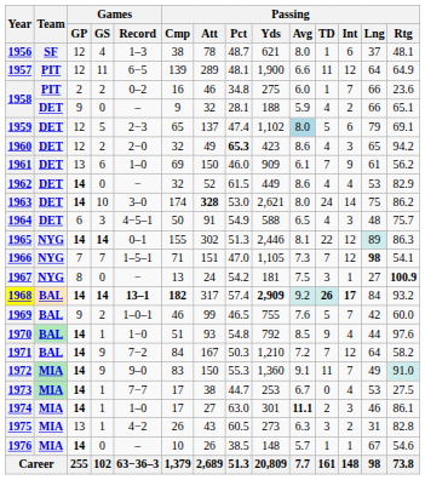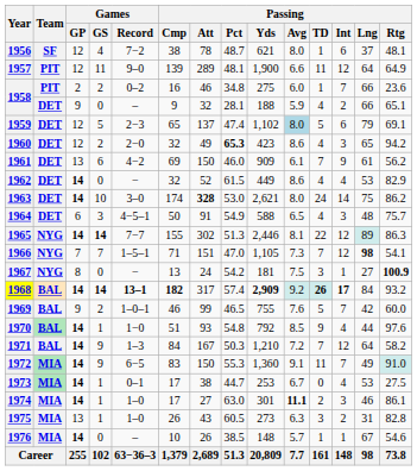 <table class="wikitable" style="text-align:center">
 <tr>
 <th rowspan="2">Year</th>
 <th rowspan="2">Team</th>
 <th colspan="3">Games</th>
 <th colspan="9">Passing</th>
 </tr>
 <tr>
 <th>GP</th>
 <th>GS</th>
 <th>Record</th>
 <th>Cmp</th>
 <th>Att</th>
 <th>Pct</th>
 <th>Yds</th>
 <th>Avg</th>
 <th>TD</th>
 <th>Int</th>
 <th>Lng</th>
 <th>Rtg</th>
 </tr>
 <tr>
 <th><a href='#'>1956</a></th>
 <th><a href='#'>SF</a></th>
 <td>12</td>
 <td>4</td>
-<td>1–3</td>
+<td>7−2</td>
 <td>38</td>
 <td>78</td>
 <td>48.7</td>
 <td>621</td>
 <td>8.0</td>
 <td>1</td>
 <td>6</td>
 <td>37</td>
 <td>48.1</td>
 </tr>
 <tr>
 <th><a href='#'>1957</a></th>
 <th><a href='#'>PIT</a></th>
 <td>12</td>
 <td>11</td>
-<td>6−5</td>
+<td>9–0</td>
 <td>139</td>
 <td>289</td>
 <td>48.1</td>
 <td>1,900</td>
 <td>6.6</td>
 <td>11</td>
 <td>12</td>
 <td>64</td>
 <td>64.9</td>
 </tr>
 <tr>
 <th rowspan="2"><a href='#'>1958</a></th>
 <th><a href='#'>PIT</a></th>
 <td>2</td>
 <td>2</td>
 <td>0–2</td>
 <td>16</td>
 <td>46</td>
 <td>34.8</td>
 <td>275</td>
 <td>6.0</td>
 <td>1</td>
 <td>7</td>
 <td>66</td>
 <td>23.6</td>
 </tr>
 <tr>
 <th><a href='#'>DET</a></th>
 <td>9</td>
 <td>0</td>
 <td>–</td>
 <td>9</td>
 <td>32</td>
 <td>28.1</td>
 <td>188</td>
 <td>5.9</td>
 <td>4</td>
 <td>2</td>
 <td>66</td>
 <td>65.1</td>
 </tr>
 <tr>
 <th><a href='#'>1959</a></th>
 <th><a href='#'>DET</a></th>
 <td>12</td>
 <td>5</td>
 <td>2−3</td>
 <td>65</td>
 <td>137</td>
 <td>47.4</td>
 <td>1,102</td>
 <td style="background: lightblue;">8.0</td>
 <td>5</td>
 <td>6</td>
 <td>79</td>
 <td>69.1</td>
 </tr>
 <tr>
 <th><a href='#'>1960</a></th>
 <th><a href='#'>DET</a></th>
 <td>12</td>
 <td>2</td>
 <td>2−0</td>
 <td>32</td>
 <td>49</td>
 <td><strong>65.3</strong></td>
 <td>423</td>
 <td>8.6</td>
 <td>4</td>
 <td>3</td>
 <td>65</td>
 <td>94.2</td>
 </tr>
 <tr>
 <th><a href='#'>1961</a></th>
 <th><a href='#'>DET</a></th>
 <td>13</td>
 <td>6</td>
-<td>1–0</td>
+<td>4−2</td>
 <td>69</td>
 <td>150</td>
 <td>46.0</td>
 <td>909</td>
 <td>6.1</td>
 <td>7</td>
 <td>9</td>
 <td>61</td>
 <td>56.2</td>
 </tr>
 <tr>
 <th><a href='#'>1962</a></th>
 <th><a href='#'>DET</a></th>
 <td><strong>14</strong></td>
 <td>0</td>
 <td>−</td>
 <td>32</td>
 <td>52</td>
 <td>61.5</td>
 <td>449</td>
 <td>8.6</td>
 <td>4</td>
 <td>4</td>
 <td>53</td>
 <td>82.9</td>
 </tr>
 <tr>
 <th><a href='#'>1963</a></th>
 <th><a href='#'>DET</a></th>
 <td><strong>14</strong></td>
 <td>10</td>
 <td>3–0</td>
 <td>174</td>
 <td><strong>328</strong></td>
 <td>53.0</td>
 <td>2,621</td>
 <td>8.0</td>
 <td>24</td>
 <td>14</td>
 <td>75</td>
 <td>86.2</td>
 </tr>
 <tr>
 <th><a href='#'>1964</a></th>
 <th><a href='#'>DET</a></th>
 <td>6</td>
 <td>3</td>
 <td>4−5–1</td>
 <td>50</td>
 <td>91</td>
 <td>54.9</td>
 <td>588</td>
 <td>6.5</td>
 <td>4</td>
 <td>3</td>
 <td>48</td>
 <td>75.7</td>
 </tr>
 <tr>
 <th><a href='#'>1965</a></th>
 <th><a href='#'>NYG</a></th>
 <td><strong>14</strong></td>
 <td><strong>14</strong></td>
-<td>0–1</td>
+<td>7−7</td>
 <td>155</td>
 <td>302</td>
 <td>51.3</td>
 <td>2,446</td>
 <td>8.1</td>
 <td>22</td>
 <td>12</td>
 <td style="background:#cfecec;">89</td>
 <td>86.3</td>
 </tr>
 <tr>
 <th><a href='#'>1966</a></th>
 <th><a href='#'>NYG</a></th>
 <td>7</td>
 <td>7</td>
 <td>1–5–1</td>
 <td>71</td>
 <td>151</td>
 <td>47.0</td>
 <td>1,105</td>
 <td>7.3</td>
 <td>7</td>
 <td>12</td>
 <td><strong>98</strong></td>
 <td>54.1</td>
 </tr>
 <tr>
 <th><a href='#'>1967</a></th>
 <th><a href='#'>NYG</a></th>
 <td>8</td>
 <td>0</td>
 <td>−</td>
 <td>13</td>
 <td>24</td>
 <td>54.2</td>
 <td>181</td>
 <td>7.5</td>
 <td>3</td>
 <td>1</td>
 <td>27</td>
 <td><strong>100.9</strong></td>
 </tr>
 <tr>
 <th style="background:#ff0;"><a href='#'>1968</a></th>
 <th style="background:#ffe6bd;"><a href='#'>BAL</a></th>
 <td><strong>14</strong></td>
 <td><strong>14</strong></td>
 <td><strong>13–1</strong></td>
 <td><strong>182</strong></td>
 <td>317</td>
 <td>57.4</td>
 <td><strong>2,909</strong></td>
 <td style="background:#cfecec;">9.2</td>
 <td style="background:#cfecec;"><strong>26</strong></td>
 <td><strong>17</strong></td>
 <td>84</td>
 <td>93.2</td>
 </tr>
 <tr>
 <th><a href='#'>1969</a></th>
 <th><a href='#'>BAL</a></th>
 <td>9</td>
 <td>2</td>
 <td>1–0–1</td>
 <td>46</td>
 <td>99</td>
 <td>46.5</td>
 <td>755</td>
 <td>7.6</td>
 <td>5</td>
 <td>7</td>
 <td>42</td>
 <td>60.0</td>
 </tr>
 <tr>
 <th><a href='#'>1970</a></th>
 <th style="background:#afe6ba;"><a href='#'>BAL</a></th>
 <td><strong>14</strong></td>
 <td>1</td>
 <td>1−0</td>
 <td>51</td>
 <td>93</td>
 <td>54.8</td>
 <td>792</td>
 <td>8.5</td>
 <td>9</td>
 <td>4</td>
 <td>44</td>
 <td>97.6</td>
 </tr>
 <tr>
 <th><a href='#'>1971</a></th>
 <th><a href='#'>BAL</a></th>
 <td><strong>14</strong></td>
 <td>9</td>
-<td>7−2</td>
+<td>1–3</td>
 <td>84</td>
 <td>167</td>
 <td>50.3</td>
 <td>1,210</td>
 <td>7.2</td>
 <td>7</td>
 <td>12</td>
 <td>64</td>
 <td>58.2</td>
 </tr>
 <tr>
 <th><a href='#'>1972</a></th>
 <th style="background:#afe6ba;"><a href='#'>MIA</a></th>
 <td><strong>14</strong></td>
 <td>9</td>
-<td>9–0</td>
+<td>6−5</td>
 <td>83</td>
 <td>150</td>
 <td>55.3</td>
 <td>1,360</td>
 <td>9.1</td>
 <td>11</td>
 <td>7</td>
 <td>49</td>
 <td style="background:#cfecec;">91.0</td>
 </tr>
 <tr>
 <th><a href='#'>1973</a></th>
 <th style="background:#afe6ba;"><a href='#'>MIA</a></th>
 <td><strong>14</strong></td>
 <td>1</td>
-<td>7−7</td>
+<td>0–1</td>
 <td>17</td>
 <td>38</td>
 <td>44.7</td>
 <td>253</td>
 <td>6.7</td>
 <td>0</td>
 <td>4</td>
 <td>53</td>
 <td>27.5</td>
 </tr>
 <tr>
 <th><a href='#'>1974</a></th>
 <th><a href='#'>MIA</a></th>
 <td><strong>14</strong></td>
 <td>1</td>
 <td>1–0</td>
 <td>17</td>
 <td>27</td>
 <td>63.0</td>
 <td>301</td>
 <td><strong>11.1</strong></td>
 <td>2</td>
 <td>3</td>
 <td>46</td>
 <td>86.1</td>
 </tr>
 <tr>
 <th><a href='#'>1975</a></th>
 <th><a href='#'>MIA</a></th>
 <td>13</td>
 <td>1</td>
-<td>4−2</td>
+<td>1–0</td>
 <td>26</td>
 <td>43</td>
 <td>60.5</td>
 <td>273</td>
 <td>6.3</td>
 <td>3</td>
 <td>2</td>
 <td>31</td>
 <td>82.8</td>
 </tr>
 <tr>
 <th><a href='#'>1976</a></th>
 <th><a href='#'>MIA</a></th>
 <td><strong>14</strong></td>
 <td>0</td>
 <td>–</td>
 <td>10</td>
 <td>26</td>
 <td>38.5</td>
 <td>148</td>
 <td>5.7</td>
 <td>1</td>
 <td>1</td>
 <td>67</td>
 <td>54.6</td>
 </tr>
 <tr>
 <th colspan="2">Career</th>
 <th>255</th>
 <th>102</th>
 <th>63−36–3</th>
 <th>1,379</th>
 <th>2,689</th>
 <th>51.3</th>
 <th>20,809</th>
 <th>7.7</th>
 <th>161</th>
 <th>148</th>
 <th>98</th>
 <th>73.8</th>
 </tr>
 </table>
